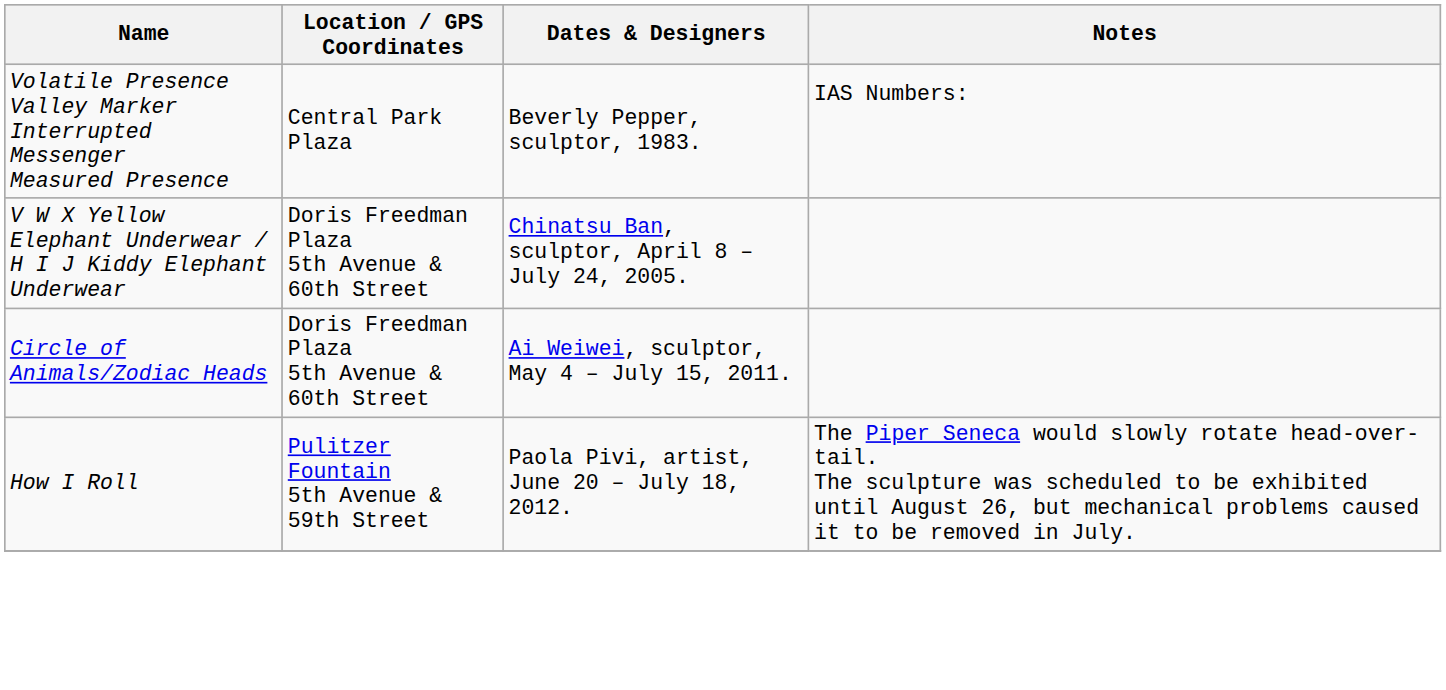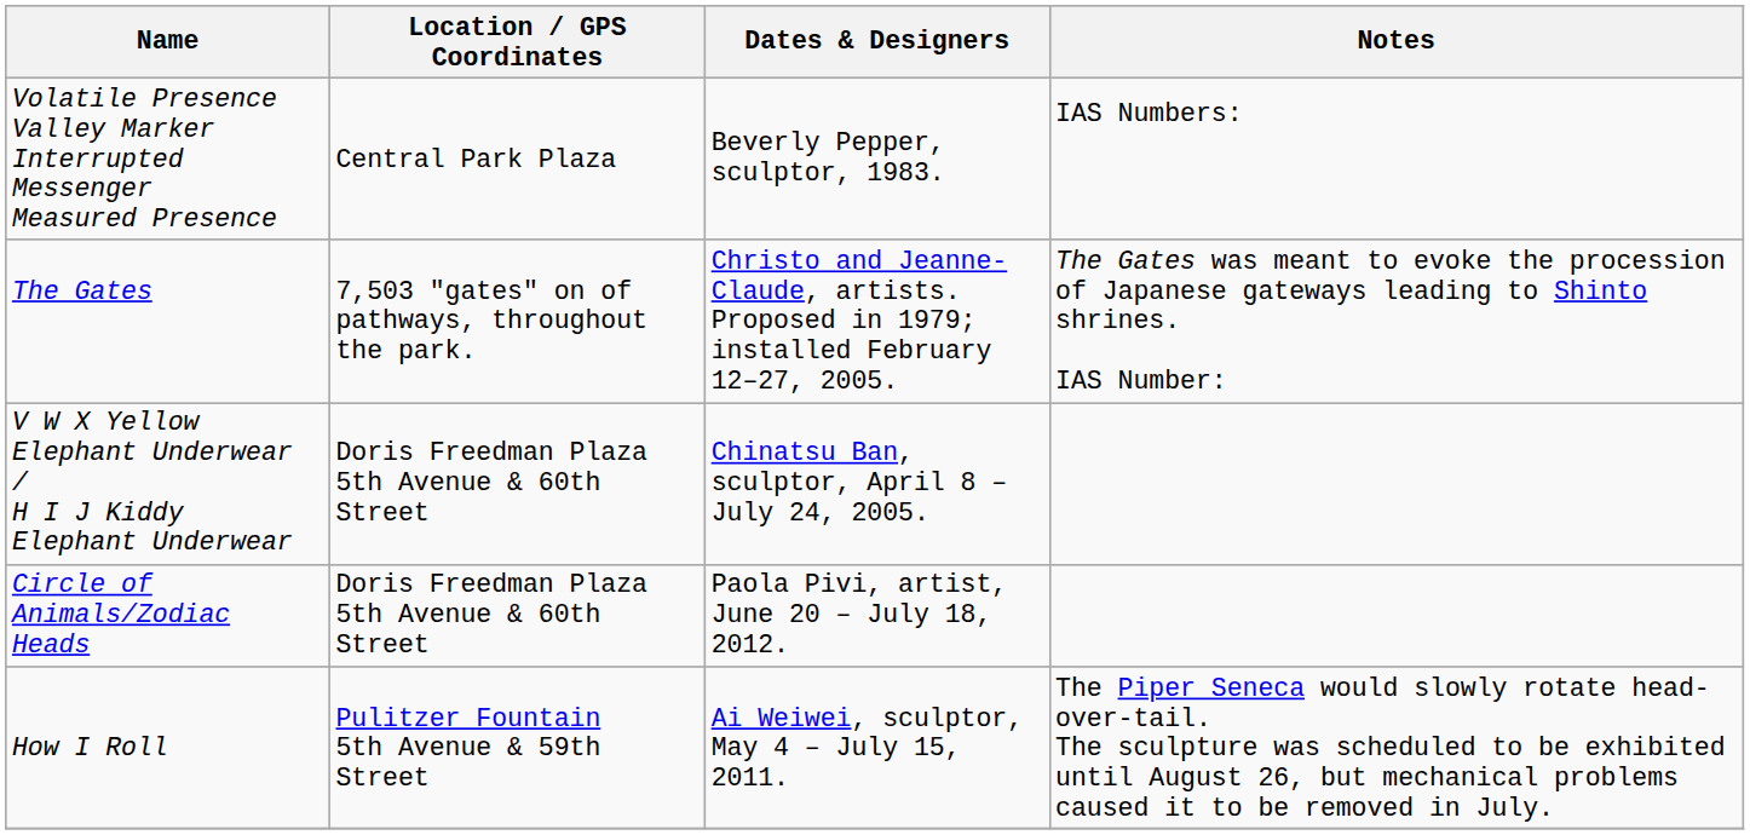 <table class="wikitable sortable">
 <tr>
 <th> Name</th>
 <th>Location / GPS Coordinates</th>
 <th>Dates & Designers</th>
 <th>Notes</th>
 </tr>
 <tr>
 <td><em>Volatile Presence</em><br><em>Valley Marker</em><br><em>Interrupted Messenger</em><br><em>Measured Presence</em></td>
 <td>Central Park Plaza</td>
 <td>Beverly Pepper, sculptor, 1983.</td>
 <td>IAS Numbers:<br><br> <br> <br> </td>
 </tr>
 <tr>
+<td><em><a href='#'>The Gates</a></em><br><br><br></td>
+<td>7,503 "gates" on  of pathways, throughout the park.</td>
+<td><a href='#'>Christo and Jeanne-Claude</a>, artists.<br>Proposed in 1979;<br>installed February 12–27, 2005.</td>
+<td><em>The Gates</em> was meant to evoke the procession of Japanese gateways leading to <a href='#'>Shinto</a> shrines.<br><br>IAS Number: </td>
+</tr>
+<tr>
 <td><em>V W X Yellow Elephant Underwear /</em><br><em>H I J Kiddy Elephant Underwear</em></td>
 <td>Doris Freedman Plaza<br>5th Avenue & 60th Street</td>
 <td><a href='#'>Chinatsu Ban</a>, sculptor, April 8 – July 24, 2005.</td>
 <td></td>
 </tr>
 <tr>
 <td><em><a href='#'>Circle of Animals/Zodiac Heads</a></em></td>
 <td>Doris Freedman Plaza<br>5th Avenue & 60th Street</td>
-<td><a href='#'>Ai Weiwei</a>, sculptor, May 4 – July 15, 2011.</td>
+<td>Paola Pivi, artist, June 20 – July 18, 2012.</td>
 <td></td>
 </tr>
 <tr>
 <td><em>How I Roll</em></td>
 <td><a href='#'>Pulitzer Fountain</a><br>5th Avenue & 59th Street<br><small></small></td>
-<td>Paola Pivi, artist, June 20 – July 18, 2012.</td>
+<td><a href='#'>Ai Weiwei</a>, sculptor, May 4 – July 15, 2011.</td>
 <td>The <a href='#'>Piper Seneca</a> would slowly rotate head-over-tail. <br>The sculpture was scheduled to be exhibited until August 26, but mechanical problems caused it to be removed in July.</td>
 </tr>
 <tr>
 </tr>
 </table>
